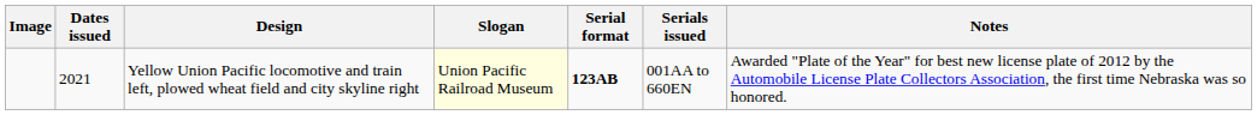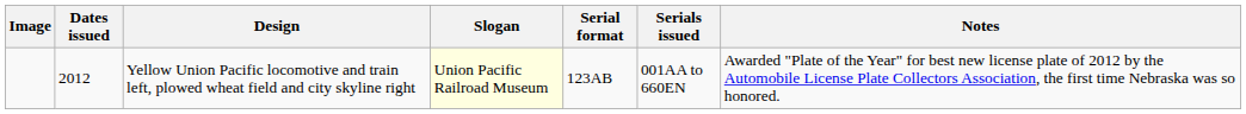 <table class="wikitable">
 <tr>
 <th>Image</th>
 <th>Dates issued</th>
 <th>Design</th>
 <th>Slogan</th>
 <th>Serial format</th>
 <th>Serials issued</th>
 <th>Notes</th>
 </tr>
 <tr>
 <td></td>
-<td>2021</td>
+<td>2012</td>
 <td>Yellow Union Pacific locomotive and train left, plowed wheat field and city skyline right</td>
 <td style="background: lightyellow;">Union Pacific Railroad Museum</td>
-<td><strong>123AB</strong></td>
+<td>123AB</td>
 <td>001AA to 660EN </td>
 <td>Awarded "Plate of the Year" for best new license plate of 2012 by the <a href='#'>Automobile License Plate Collectors Association</a>, the first time Nebraska was so honored.</td>
 </tr>
 </table>
